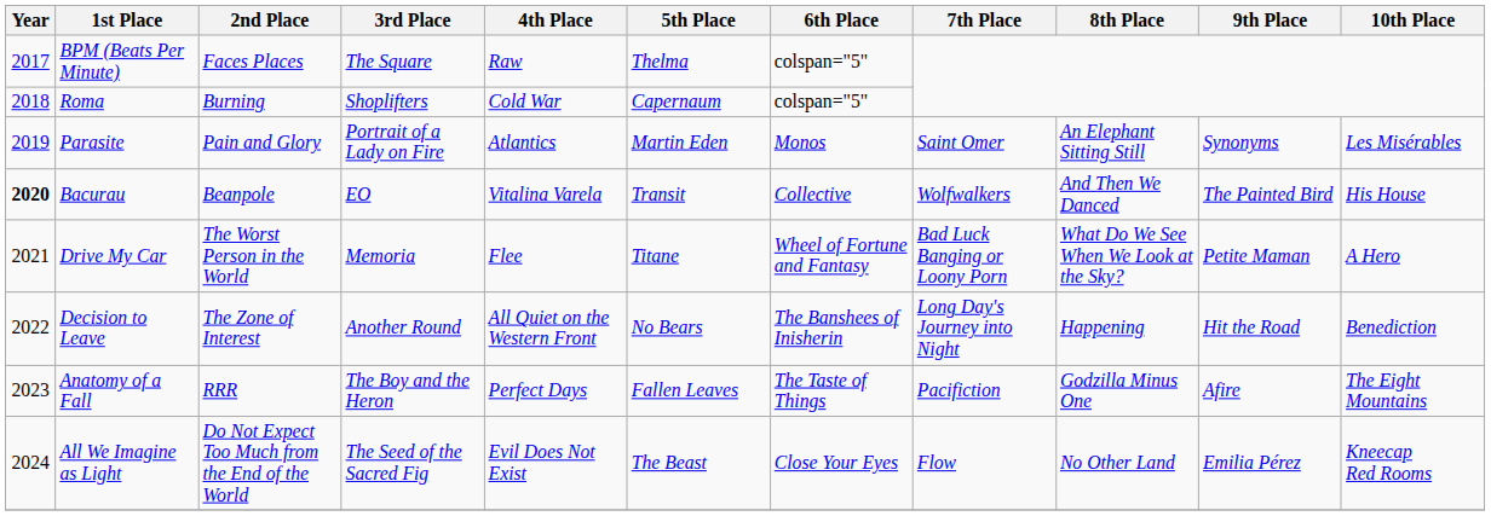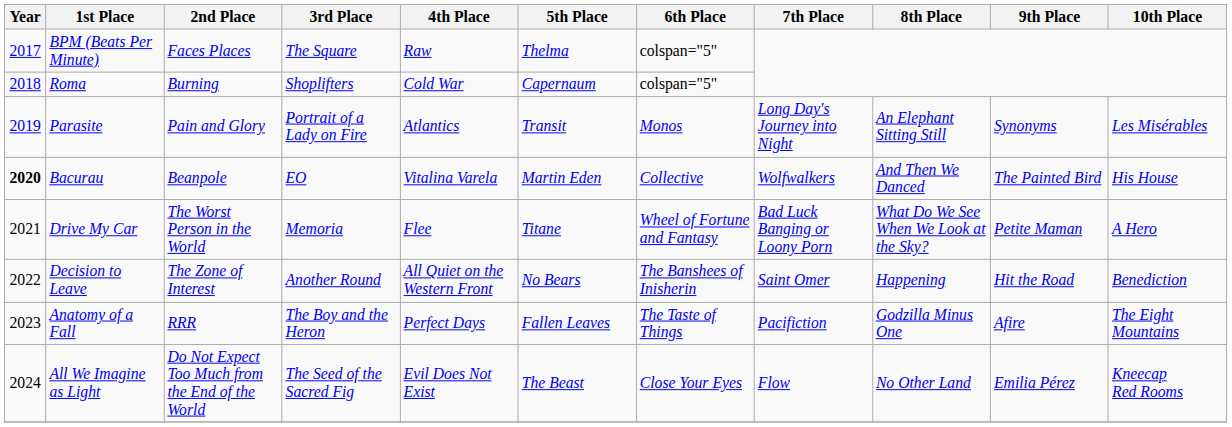 <table class="wikitable">
 <tr>
 <th scope="col" width="3%">Year</th>
 <th scope="col" width="9%">1st Place</th>
 <th scope="col" width="9%">2nd Place</th>
 <th scope="col" width="9%">3rd Place</th>
 <th scope="col" width="9%">4th Place</th>
 <th scope="col" width="9%">5th Place</th>
 <th scope="col" width="9%">6th Place</th>
 <th scope="col" width="9%">7th Place</th>
 <th scope="col" width="9%">8th Place</th>
 <th scope="col" width="9%">9th Place</th>
 <th scope="col" width="9%">10th Place</th>
 </tr>
 <tr>
 <td align="center"><a href='#'>2017</a></td>
 <td><em><a href='#'>BPM (Beats Per Minute)</a></em><br></td>
 <td><em><a href='#'>Faces Places</a></em><br></td>
 <td><em><a href='#'>The Square</a></em><br></td>
 <td><em><a href='#'>Raw</a></em><br></td>
 <td><em><a href='#'>Thelma</a></em><br></td>
 <td>colspan="5" </td>
 </tr>
 <tr>
 <td align="center"><a href='#'>2018</a></td>
 <td><em><a href='#'>Roma</a></em><br></td>
 <td><em><a href='#'>Burning</a></em><br></td>
 <td><em><a href='#'>Shoplifters</a></em><br></td>
 <td><em><a href='#'>Cold War</a></em><br></td>
 <td><em><a href='#'>Capernaum</a></em><br></td>
 <td>colspan="5" </td>
 </tr>
 <tr>
 <td align="center"><a href='#'>2019</a></td>
 <td><em><a href='#'>Parasite</a></em><br></td>
 <td><em><a href='#'>Pain and Glory</a></em><br></td>
 <td><em><a href='#'>Portrait of a Lady on Fire</a></em><br></td>
 <td><em><a href='#'>Atlantics</a></em><br></td>
-<td><em><a href='#'>Martin Eden</a></em><br></td>
+<td><em><a href='#'>Transit</a></em><br></td>
 <td><em><a href='#'>Monos</a></em><br></td>
-<td><em><a href='#'>Saint Omer</a></em><br></td>
+<td><em><a href='#'>Long Day's Journey into Night</a></em><br></td>
 <td><em><a href='#'>An Elephant Sitting Still</a></em><br></td>
 <td><em><a href='#'>Synonyms</a></em><br></td>
 <td><em><a href='#'>Les Misérables</a></em><br></td>
 </tr>
 <tr>
 <td align="center"><strong>2020</strong></td>
 <td><em><a href='#'>Bacurau</a></em><br></td>
 <td><em><a href='#'>Beanpole</a></em><br></td>
 <td><em><a href='#'>EO</a></em><br></td>
 <td><em><a href='#'>Vitalina Varela</a></em><br></td>
-<td><em><a href='#'>Transit</a></em><br></td>
+<td><em><a href='#'>Martin Eden</a></em><br></td>
 <td><em><a href='#'>Collective</a></em><br></td>
 <td><em><a href='#'>Wolfwalkers</a></em><br></td>
 <td><em><a href='#'>And Then We Danced</a></em><br></td>
 <td><em><a href='#'>The Painted Bird</a></em><br></td>
 <td><em><a href='#'>His House</a></em><br></td>
 </tr>
 <tr>
 <td align="center">2021</td>
 <td><em><a href='#'>Drive My Car</a></em><br></td>
 <td><em><a href='#'>The Worst Person in the World</a></em><br></td>
 <td><em><a href='#'>Memoria</a></em><br></td>
 <td><em><a href='#'>Flee</a></em><br></td>
 <td><em><a href='#'>Titane</a></em><br></td>
 <td><em><a href='#'>Wheel of Fortune and Fantasy</a></em><br></td>
 <td><em><a href='#'>Bad Luck Banging or Loony Porn</a></em><br></td>
 <td><em><a href='#'>What Do We See When We Look at the Sky?</a></em><br></td>
 <td><em><a href='#'>Petite Maman</a></em><br></td>
 <td><em><a href='#'>A Hero</a></em><br></td>
 </tr>
 <tr>
 <td align="center">2022</td>
 <td><em><a href='#'>Decision to Leave</a></em><br></td>
 <td><em><a href='#'>The Zone of Interest</a></em><br></td>
 <td><em><a href='#'>Another Round</a></em><br></td>
 <td><em><a href='#'>All Quiet on the Western Front</a></em><br></td>
 <td><em><a href='#'>No Bears</a></em><br></td>
 <td><em><a href='#'>The Banshees of Inisherin</a></em><br></td>
-<td><em><a href='#'>Long Day's Journey into Night</a></em><br></td>
+<td><em><a href='#'>Saint Omer</a></em><br></td>
 <td><em><a href='#'>Happening</a></em><br></td>
 <td><em><a href='#'>Hit the Road</a></em><br></td>
 <td><em><a href='#'>Benediction</a></em><br></td>
 </tr>
 <tr>
 <td align="center">2023</td>
 <td><em><a href='#'>Anatomy of a Fall</a></em><br></td>
 <td><em><a href='#'>RRR</a></em><br></td>
 <td><em><a href='#'>The Boy and the Heron</a></em><br></td>
 <td><em><a href='#'>Perfect Days</a></em><br></td>
 <td><em><a href='#'>Fallen Leaves</a></em><br></td>
 <td><em><a href='#'>The Taste of Things</a></em><br></td>
 <td><em><a href='#'>Pacifiction</a></em><br></td>
 <td><em><a href='#'>Godzilla Minus One</a></em><br></td>
 <td><em><a href='#'>Afire</a></em><br></td>
 <td><em><a href='#'>The Eight Mountains</a></em><br></td>
 </tr>
 <tr>
 <td align="center">2024</td>
 <td><em><a href='#'>All We Imagine as Light</a></em><br></td>
 <td><em><a href='#'>Do Not Expect Too Much from the End of the World</a></em><br></td>
 <td><em><a href='#'>The Seed of the Sacred Fig</a></em><br></td>
 <td><em><a href='#'>Evil Does Not Exist</a></em><br></td>
 <td><em><a href='#'>The Beast</a></em><br></td>
 <td><em><a href='#'>Close Your Eyes</a></em><br></td>
 <td><em><a href='#'>Flow</a></em><br></td>
 <td><em><a href='#'>No Other Land</a></em><br></td>
 <td><em><a href='#'>Emilia Pérez</a></em><br></td>
 <td><em><a href='#'>Kneecap</a></em> <br><em><a href='#'>Red Rooms</a></em> </td>
 </tr>
 <tr>
 </tr>
 </table>
